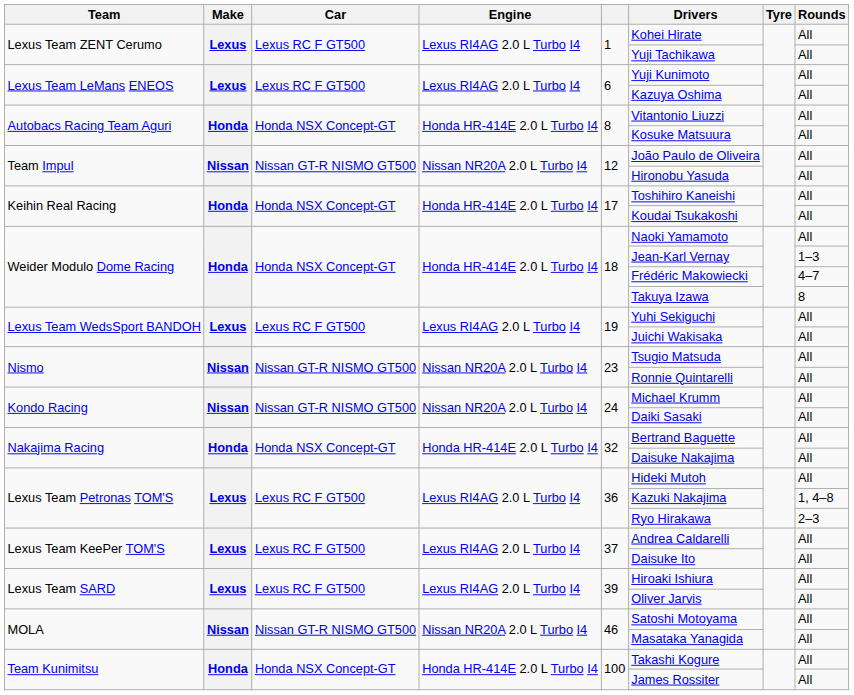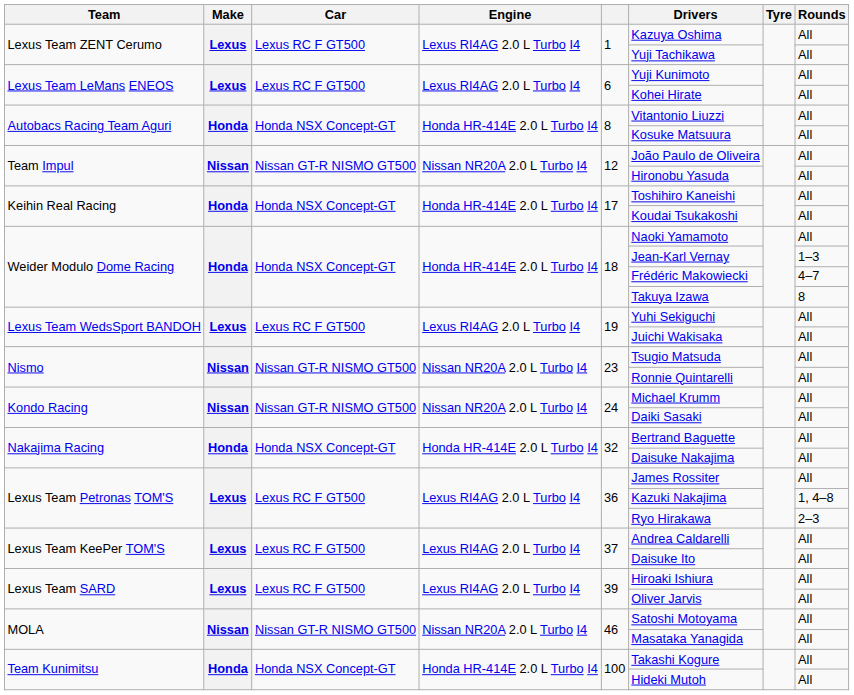 <table class="wikitable" style="font-size: 85%;">
 <tr>
 <th>Team</th>
 <th>Make</th>
 <th>Car</th>
 <th>Engine</th>
 <th></th>
 <th>Drivers</th>
 <th>Tyre</th>
 <th>Rounds</th>
 </tr>
 <tr>
 <td rowspan=2> Lexus Team ZENT Cerumo</td>
 <th rowspan=2><a href='#'>Lexus</a></th>
 <td rowspan=2><a href='#'>Lexus RC F GT500</a></td>
 <td rowspan=2><a href='#'>Lexus RI4AG</a> 2.0 L <a href='#'>Turbo</a> <a href='#'>I4</a></td>
 <td rowspan=2>1</td>
-<td> <a href='#'>Kohei Hirate</a></td>
+<td> <a href='#'>Kazuya Oshima</a></td>
 <td align=center rowspan=2></td>
 <td>All</td>
 </tr>
 <tr>
 <td> <a href='#'>Yuji Tachikawa</a></td>
 <td>All</td>
 </tr>
 <tr>
 <td rowspan=2> <a href='#'>Lexus Team LeMans</a> <a href='#'>ENEOS</a></td>
 <th rowspan=2><a href='#'>Lexus</a></th>
 <td rowspan=2><a href='#'>Lexus RC F GT500</a></td>
 <td rowspan=2><a href='#'>Lexus RI4AG</a> 2.0 L <a href='#'>Turbo</a> <a href='#'>I4</a></td>
 <td rowspan=2>6</td>
 <td> <a href='#'>Yuji Kunimoto</a></td>
 <td align=center rowspan=2></td>
 <td>All</td>
 </tr>
 <tr>
-<td> <a href='#'>Kazuya Oshima</a></td>
+<td> <a href='#'>Kohei Hirate</a></td>
 <td>All</td>
 </tr>
 <tr>
 <td rowspan=2> <a href='#'>Autobacs Racing Team Aguri</a></td>
 <th rowspan=2><a href='#'>Honda</a></th>
 <td rowspan=2><a href='#'>Honda NSX Concept-GT</a></td>
 <td rowspan=2><a href='#'>Honda HR-414E</a> 2.0 L <a href='#'>Turbo</a> <a href='#'>I4</a></td>
 <td rowspan=2>8</td>
 <td> <a href='#'>Vitantonio Liuzzi</a></td>
 <td align=center rowspan=2></td>
 <td>All</td>
 </tr>
 <tr>
 <td> <a href='#'>Kosuke Matsuura</a></td>
 <td>All</td>
 </tr>
 <tr>
 <td rowspan=2> Team <a href='#'>Impul</a></td>
 <th rowspan=2><a href='#'>Nissan</a></th>
 <td rowspan=2><a href='#'>Nissan GT-R NISMO GT500</a></td>
 <td rowspan=2><a href='#'>Nissan NR20A</a> 2.0 L <a href='#'>Turbo</a> <a href='#'>I4</a></td>
 <td rowspan=2>12</td>
 <td> <a href='#'>João Paulo de Oliveira</a></td>
 <td align=center rowspan=2></td>
 <td>All</td>
 </tr>
 <tr>
 <td> <a href='#'>Hironobu Yasuda</a></td>
 <td>All</td>
 </tr>
 <tr>
 <td rowspan=2> Keihin Real Racing</td>
 <th rowspan=2><a href='#'>Honda</a></th>
 <td rowspan=2><a href='#'>Honda NSX Concept-GT</a></td>
 <td rowspan=2><a href='#'>Honda HR-414E</a> 2.0 L <a href='#'>Turbo</a> <a href='#'>I4</a></td>
 <td rowspan=2>17</td>
 <td> <a href='#'>Toshihiro Kaneishi</a></td>
 <td align=center rowspan=2></td>
 <td>All</td>
 </tr>
 <tr>
 <td> <a href='#'>Koudai Tsukakoshi</a></td>
 <td>All</td>
 </tr>
 <tr>
 <td rowspan=4> Weider Modulo <a href='#'>Dome Racing</a></td>
 <th rowspan=4><a href='#'>Honda</a></th>
 <td rowspan=4><a href='#'>Honda NSX Concept-GT</a></td>
 <td rowspan=4><a href='#'>Honda HR-414E</a> 2.0 L <a href='#'>Turbo</a> <a href='#'>I4</a></td>
 <td rowspan=4>18</td>
 <td> <a href='#'>Naoki Yamamoto</a></td>
 <td align=center rowspan=4></td>
 <td>All</td>
 </tr>
 <tr>
 <td> <a href='#'>Jean-Karl Vernay</a></td>
 <td>1–3</td>
 </tr>
 <tr>
 <td> <a href='#'>Frédéric Makowiecki</a></td>
 <td>4–7</td>
 </tr>
 <tr>
 <td> <a href='#'>Takuya Izawa</a></td>
 <td>8</td>
 </tr>
 <tr>
 <td rowspan=2> <a href='#'>Lexus Team WedsSport BANDOH</a></td>
 <th rowspan=2><a href='#'>Lexus</a></th>
 <td rowspan=2><a href='#'>Lexus RC F GT500</a></td>
 <td rowspan=2><a href='#'>Lexus RI4AG</a> 2.0 L <a href='#'>Turbo</a> <a href='#'>I4</a></td>
 <td rowspan=2>19</td>
 <td> <a href='#'>Yuhi Sekiguchi</a></td>
 <td align=center rowspan=2></td>
 <td>All</td>
 </tr>
 <tr>
 <td> <a href='#'>Juichi Wakisaka</a></td>
 <td>All</td>
 </tr>
 <tr>
 <td rowspan=2> <a href='#'>Nismo</a></td>
 <th rowspan=2><a href='#'>Nissan</a></th>
 <td rowspan=2><a href='#'>Nissan GT-R NISMO GT500</a></td>
 <td rowspan=2><a href='#'>Nissan NR20A</a> 2.0 L <a href='#'>Turbo</a> <a href='#'>I4</a></td>
 <td rowspan=2>23</td>
 <td> <a href='#'>Tsugio Matsuda</a></td>
 <td align=center rowspan=2></td>
 <td>All</td>
 </tr>
 <tr>
 <td> <a href='#'>Ronnie Quintarelli</a></td>
 <td>All</td>
 </tr>
 <tr>
 <td rowspan=2> <a href='#'>Kondo Racing</a></td>
 <th rowspan=2><a href='#'>Nissan</a></th>
 <td rowspan=2><a href='#'>Nissan GT-R NISMO GT500</a></td>
 <td rowspan=2><a href='#'>Nissan NR20A</a> 2.0 L <a href='#'>Turbo</a> <a href='#'>I4</a></td>
 <td rowspan=2>24</td>
 <td> <a href='#'>Michael Krumm</a></td>
 <td align=center rowspan=2></td>
 <td>All</td>
 </tr>
 <tr>
 <td> <a href='#'>Daiki Sasaki</a></td>
 <td>All</td>
 </tr>
 <tr>
 <td rowspan=2> <a href='#'>Nakajima Racing</a></td>
 <th rowspan=2><a href='#'>Honda</a></th>
 <td rowspan=2><a href='#'>Honda NSX Concept-GT</a></td>
 <td rowspan=2><a href='#'>Honda HR-414E</a> 2.0 L <a href='#'>Turbo</a> <a href='#'>I4</a></td>
 <td rowspan=2>32</td>
 <td> <a href='#'>Bertrand Baguette</a></td>
 <td align=center rowspan=2></td>
 <td>All</td>
 </tr>
 <tr>
 <td> <a href='#'>Daisuke Nakajima</a></td>
 <td>All</td>
 </tr>
 <tr>
 <td rowspan=3> Lexus Team <a href='#'>Petronas</a> <a href='#'>TOM'S</a></td>
 <th rowspan=3><a href='#'>Lexus</a></th>
 <td rowspan=3><a href='#'>Lexus RC F GT500</a></td>
 <td rowspan=3><a href='#'>Lexus RI4AG</a> 2.0 L <a href='#'>Turbo</a> <a href='#'>I4</a></td>
 <td rowspan=3>36</td>
-<td> <a href='#'>Hideki Mutoh</a></td>
+<td> <a href='#'>James Rossiter</a></td>
 <td align=center rowspan=3></td>
 <td>All</td>
 </tr>
 <tr>
 <td> <a href='#'>Kazuki Nakajima</a></td>
 <td>1, 4–8</td>
 </tr>
 <tr>
 <td> <a href='#'>Ryo Hirakawa</a></td>
 <td>2–3</td>
 </tr>
 <tr>
 <td rowspan=2> Lexus Team KeePer <a href='#'>TOM'S</a></td>
 <th rowspan=2><a href='#'>Lexus</a></th>
 <td rowspan=2><a href='#'>Lexus RC F GT500</a></td>
 <td rowspan=2><a href='#'>Lexus RI4AG</a> 2.0 L <a href='#'>Turbo</a> <a href='#'>I4</a></td>
 <td rowspan=2>37</td>
 <td> <a href='#'>Andrea Caldarelli</a></td>
 <td align=center rowspan=2></td>
 <td>All</td>
 </tr>
 <tr>
 <td> <a href='#'>Daisuke Ito</a></td>
 <td>All</td>
 </tr>
 <tr>
 <td rowspan=2> Lexus Team <a href='#'>SARD</a></td>
 <th rowspan=2><a href='#'>Lexus</a></th>
 <td rowspan=2><a href='#'>Lexus RC F GT500</a></td>
 <td rowspan=2><a href='#'>Lexus RI4AG</a> 2.0 L <a href='#'>Turbo</a> <a href='#'>I4</a></td>
 <td rowspan=2>39</td>
 <td> <a href='#'>Hiroaki Ishiura</a></td>
 <td align=center rowspan=2></td>
 <td>All</td>
 </tr>
 <tr>
 <td> <a href='#'>Oliver Jarvis</a></td>
 <td>All</td>
 </tr>
 <tr>
 <td rowspan=2> MOLA</td>
 <th rowspan=2><a href='#'>Nissan</a></th>
 <td rowspan=2><a href='#'>Nissan GT-R NISMO GT500</a></td>
 <td rowspan=2><a href='#'>Nissan NR20A</a> 2.0 L <a href='#'>Turbo</a> <a href='#'>I4</a></td>
 <td rowspan=2>46</td>
 <td> <a href='#'>Satoshi Motoyama</a></td>
 <td align=center rowspan=2></td>
 <td>All</td>
 </tr>
 <tr>
 <td> <a href='#'>Masataka Yanagida</a></td>
 <td>All</td>
 </tr>
 <tr>
 <td rowspan=2> <a href='#'>Team Kunimitsu</a></td>
 <th rowspan=2><a href='#'>Honda</a></th>
 <td rowspan=2><a href='#'>Honda NSX Concept-GT</a></td>
 <td rowspan=2><a href='#'>Honda HR-414E</a> 2.0 L <a href='#'>Turbo</a> <a href='#'>I4</a></td>
 <td rowspan=2>100</td>
 <td> <a href='#'>Takashi Kogure</a></td>
 <td align=center rowspan=2></td>
 <td>All</td>
 </tr>
 <tr>
-<td> <a href='#'>James Rossiter</a></td>
+<td> <a href='#'>Hideki Mutoh</a></td>
 <td>All</td>
 </tr>
 </table>
